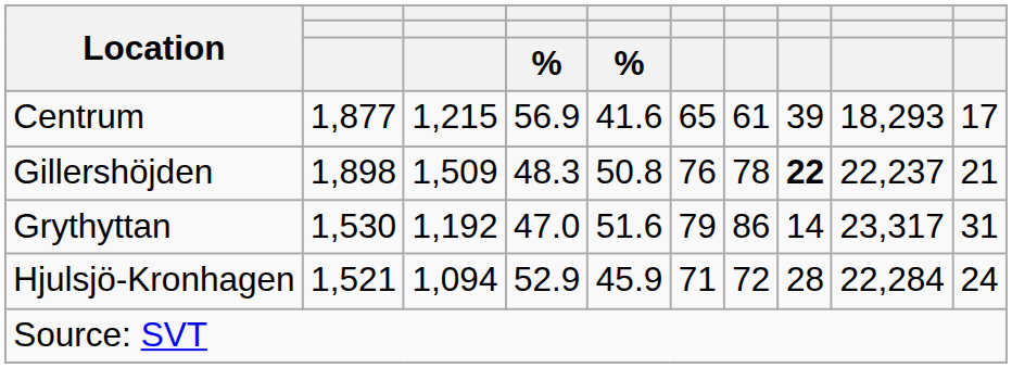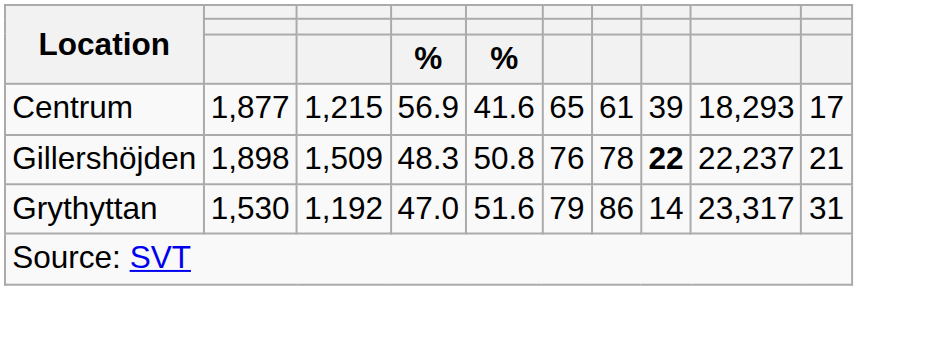 <table role="presentation" class="wikitable sortable mw-collapsible">
 <tr>
 <th rowspan="3">Location</th>
 <th></th>
 <th></th>
 <th></th>
 <th></th>
 <th></th>
 <th></th>
 <th></th>
 <th></th>
 <th></th>
 </tr>
 <tr>
 <th></th>
 <th></th>
 <th style="background:"></th>
 <th style="background:"></th>
 <th></th>
 <th></th>
 <th></th>
 <th></th>
 <th></th>
 </tr>
 <tr>
 <th data-sort-type="number"></th>
 <th data-sort-type="number"></th>
 <th data-sort-type="number">%</th>
 <th data-sort-type="number">%</th>
 <th data-sort-type="number"></th>
 <th data-sort-type="number"></th>
 <th data-sort-type="number"></th>
 <th data-sort-type="number"></th>
 <th data-sort-type="number"></th>
 </tr>
 <tr>
 <td align="left">Centrum</td>
 <td>1,877</td>
 <td>1,215</td>
 <td>56.9</td>
 <td>41.6</td>
 <td>65</td>
 <td>61</td>
 <td>39</td>
 <td>18,293</td>
 <td>17</td>
 </tr>
 <tr>
 <td align="left">Gillershöjden</td>
 <td>1,898</td>
 <td>1,509</td>
 <td>48.3</td>
 <td>50.8</td>
 <td>76</td>
 <td>78</td>
 <td><strong>22</strong></td>
 <td>22,237</td>
 <td>21</td>
 </tr>
 <tr>
 <td align="left">Grythyttan</td>
 <td>1,530</td>
 <td>1,192</td>
 <td>47.0</td>
 <td>51.6</td>
 <td>79</td>
 <td>86</td>
 <td>14</td>
 <td>23,317</td>
 <td>31</td>
 </tr>
 <tr>
-<td align="left">Hjulsjö-Kronhagen</td>
-<td>1,521</td>
-<td>1,094</td>
-<td>52.9</td>
-<td>45.9</td>
-<td>71</td>
-<td>72</td>
-<td>28</td>
-<td>22,284</td>
-<td>24</td>
-</tr>
-<tr>
 <td colspan="10" align="left">Source: <a href='#'>SVT</a></td>
 </tr>
 </table>
